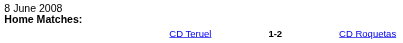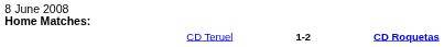 <table width=100% cellspacing=1>
 <tr>
 <th width=20%></th>
 <th width=12%></th>
 <th width=20%></th>
 <th></th>
 </tr>
 <tr>
 <td>8 June 2008<br><strong>Home Matches:</strong></td>
 </tr>
 <tr style=font-size:90%>
 <td align=right><a href='#'>CD Teruel</a></td>
 <td align=center><strong>1-2</strong></td>
-<td><a href='#'>CD Roquetas</a></td>
+<td><strong><a href='#'>CD Roquetas</a></strong></td>
 </tr>
 </table>
